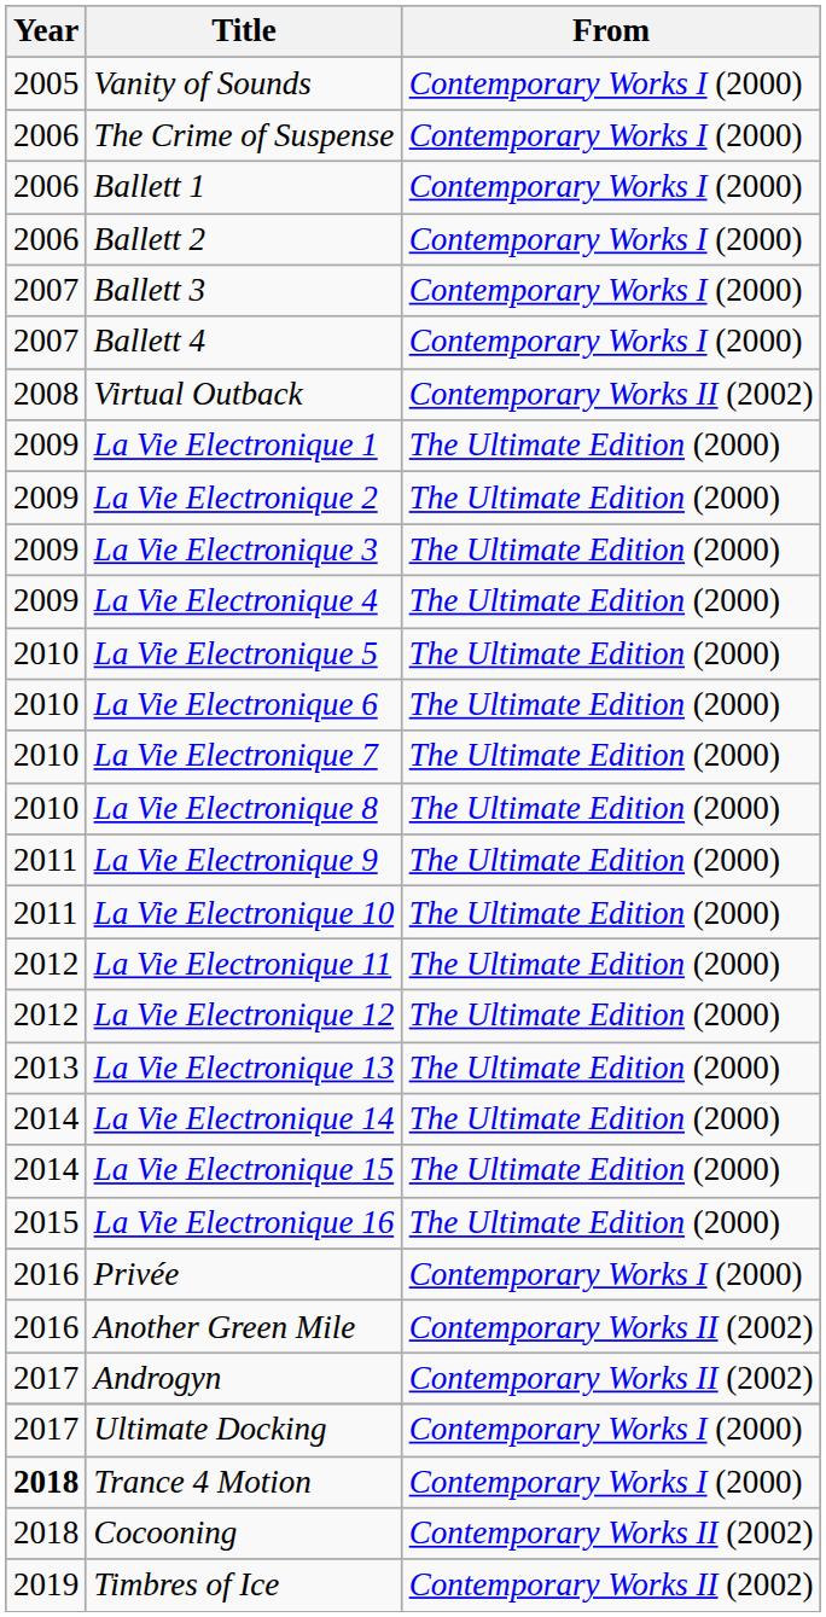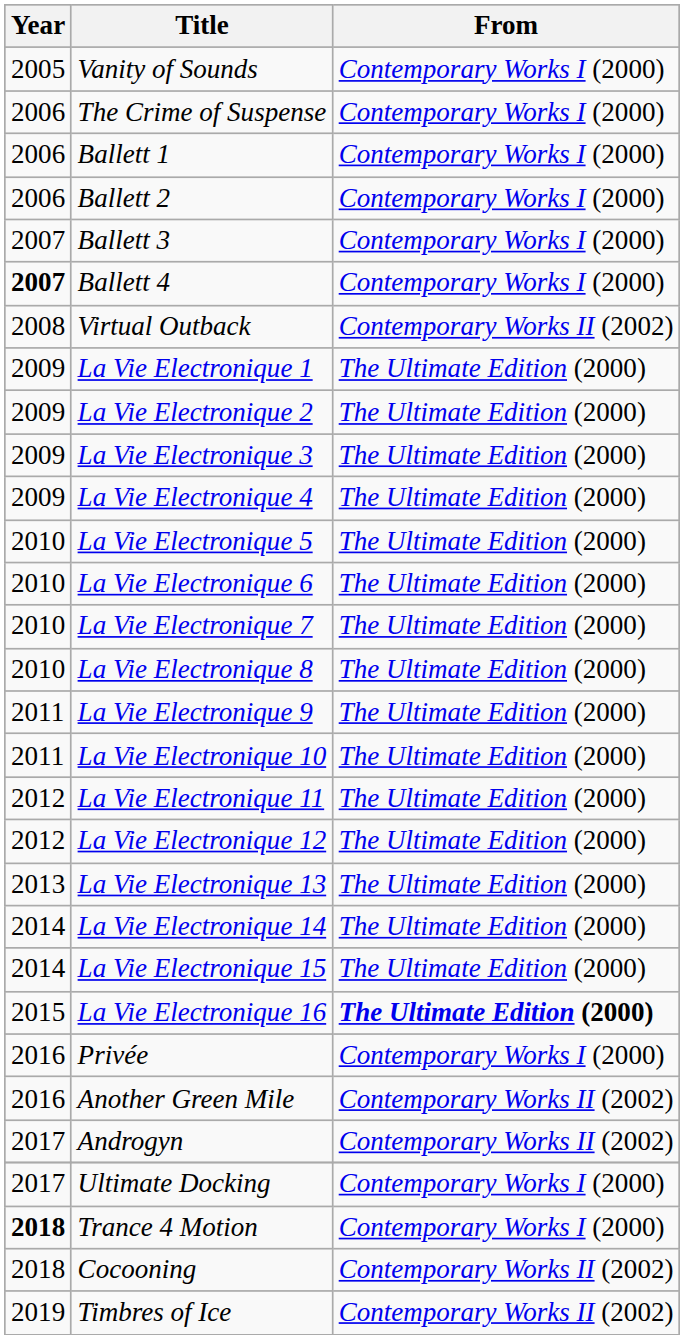 <table class="wikitable">
 <tr>
 <th>Year</th>
 <th>Title</th>
 <th>From</th>
 </tr>
 <tr>
 <td>2005</td>
 <td><em>Vanity of Sounds</em></td>
 <td><em><a href='#'>Contemporary Works I</a></em> (2000)</td>
 </tr>
 <tr>
 <td>2006</td>
 <td><em>The Crime of Suspense</em></td>
 <td><em><a href='#'>Contemporary Works I</a></em> (2000)</td>
 </tr>
 <tr>
 <td>2006</td>
 <td><em>Ballett 1</em></td>
 <td><em><a href='#'>Contemporary Works I</a></em> (2000)</td>
 </tr>
 <tr>
 <td>2006</td>
 <td><em>Ballett 2</em></td>
 <td><em><a href='#'>Contemporary Works I</a></em> (2000)</td>
 </tr>
 <tr>
 <td>2007</td>
 <td><em>Ballett 3</em></td>
 <td><em><a href='#'>Contemporary Works I</a></em> (2000)</td>
 </tr>
 <tr>
-<td>2007</td>
+<td><strong>2007</strong></td>
 <td><em>Ballett 4</em></td>
 <td><em><a href='#'>Contemporary Works I</a></em> (2000)</td>
 </tr>
 <tr>
 <td>2008</td>
 <td><em>Virtual Outback</em></td>
 <td><em><a href='#'>Contemporary Works II</a></em> (2002)</td>
 </tr>
 <tr>
 <td>2009</td>
 <td><em><a href='#'>La Vie Electronique 1</a></em></td>
 <td><em><a href='#'>The Ultimate Edition</a></em> (2000)</td>
 </tr>
 <tr>
 <td>2009</td>
 <td><em><a href='#'>La Vie Electronique 2</a></em></td>
 <td><em><a href='#'>The Ultimate Edition</a></em> (2000)</td>
 </tr>
 <tr>
 <td>2009</td>
 <td><em><a href='#'>La Vie Electronique 3</a></em></td>
 <td><em><a href='#'>The Ultimate Edition</a></em> (2000)</td>
 </tr>
 <tr>
 <td>2009</td>
 <td><em><a href='#'>La Vie Electronique 4</a></em></td>
 <td><em><a href='#'>The Ultimate Edition</a></em> (2000)</td>
 </tr>
 <tr>
 <td>2010</td>
 <td><em><a href='#'>La Vie Electronique 5</a></em></td>
 <td><em><a href='#'>The Ultimate Edition</a></em> (2000)</td>
 </tr>
 <tr>
 <td>2010</td>
 <td><em><a href='#'>La Vie Electronique 6</a></em></td>
 <td><em><a href='#'>The Ultimate Edition</a></em> (2000)</td>
 </tr>
 <tr>
 <td>2010</td>
 <td><em><a href='#'>La Vie Electronique 7</a></em></td>
 <td><em><a href='#'>The Ultimate Edition</a></em> (2000)</td>
 </tr>
 <tr>
 <td>2010</td>
 <td><em><a href='#'>La Vie Electronique 8</a></em></td>
 <td><em><a href='#'>The Ultimate Edition</a></em> (2000)</td>
 </tr>
 <tr>
 <td>2011</td>
 <td><em><a href='#'>La Vie Electronique 9</a></em></td>
 <td><em><a href='#'>The Ultimate Edition</a></em> (2000)</td>
 </tr>
 <tr>
 <td>2011</td>
 <td><em><a href='#'>La Vie Electronique 10</a></em></td>
 <td><em><a href='#'>The Ultimate Edition</a></em> (2000)</td>
 </tr>
 <tr>
 <td>2012</td>
 <td><em><a href='#'>La Vie Electronique 11</a></em></td>
 <td><em><a href='#'>The Ultimate Edition</a></em> (2000)</td>
 </tr>
 <tr>
 <td>2012</td>
 <td><em><a href='#'>La Vie Electronique 12</a></em></td>
 <td><em><a href='#'>The Ultimate Edition</a></em> (2000)</td>
 </tr>
 <tr>
 <td>2013</td>
 <td><em><a href='#'>La Vie Electronique 13</a></em></td>
 <td><em><a href='#'>The Ultimate Edition</a></em> (2000)</td>
 </tr>
 <tr>
 <td>2014</td>
 <td><em><a href='#'>La Vie Electronique 14</a></em></td>
 <td><em><a href='#'>The Ultimate Edition</a></em> (2000)</td>
 </tr>
 <tr>
 <td>2014</td>
 <td><em><a href='#'>La Vie Electronique 15</a></em></td>
 <td><em><a href='#'>The Ultimate Edition</a></em> (2000)</td>
 </tr>
 <tr>
 <td>2015</td>
 <td><em><a href='#'>La Vie Electronique 16</a></em></td>
-<td><em><a href='#'>The Ultimate Edition</a></em> (2000)</td>
+<td><strong><em><a href='#'>The Ultimate Edition</a></em> (2000)</strong></td>
 </tr>
 <tr>
 <td>2016</td>
 <td><em>Privée</em></td>
 <td><em><a href='#'>Contemporary Works I</a></em> (2000)</td>
 </tr>
 <tr>
 <td>2016</td>
 <td><em>Another Green Mile</em></td>
 <td><em><a href='#'>Contemporary Works II</a></em> (2002)</td>
 </tr>
 <tr>
 <td>2017</td>
 <td><em>Androgyn</em></td>
 <td><em><a href='#'>Contemporary Works II</a></em> (2002)</td>
 </tr>
 <tr>
 </tr>
 <tr>
 <td>2017</td>
 <td><em>Ultimate Docking</em></td>
 <td><em><a href='#'>Contemporary Works I</a></em> (2000)</td>
 </tr>
 <tr>
 <td><strong>2018</strong></td>
 <td><em>Trance 4 Motion</em></td>
 <td><em><a href='#'>Contemporary Works I</a></em> (2000)</td>
 </tr>
 <tr>
 <td>2018</td>
 <td><em>Cocooning</em></td>
 <td><em><a href='#'>Contemporary Works II</a></em> (2002)</td>
 </tr>
 <tr>
 <td>2019</td>
 <td><em>Timbres of Ice</em></td>
 <td><em><a href='#'>Contemporary Works II</a></em> (2002)</td>
 </tr>
 <tr>
 </tr>
 </table>
